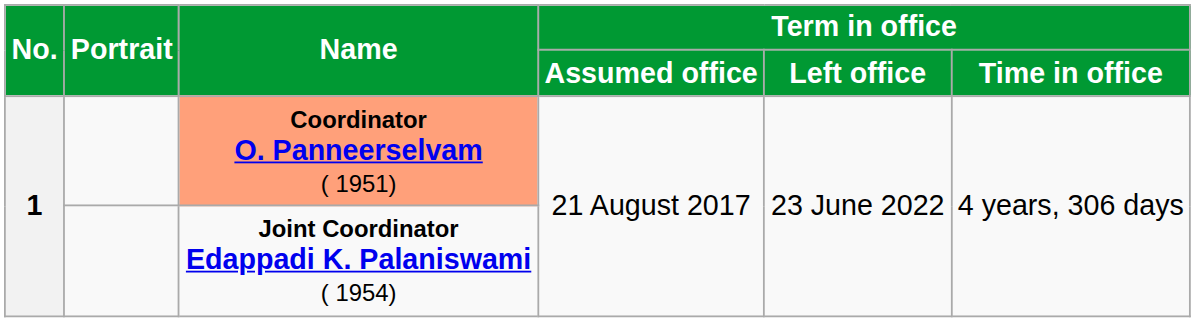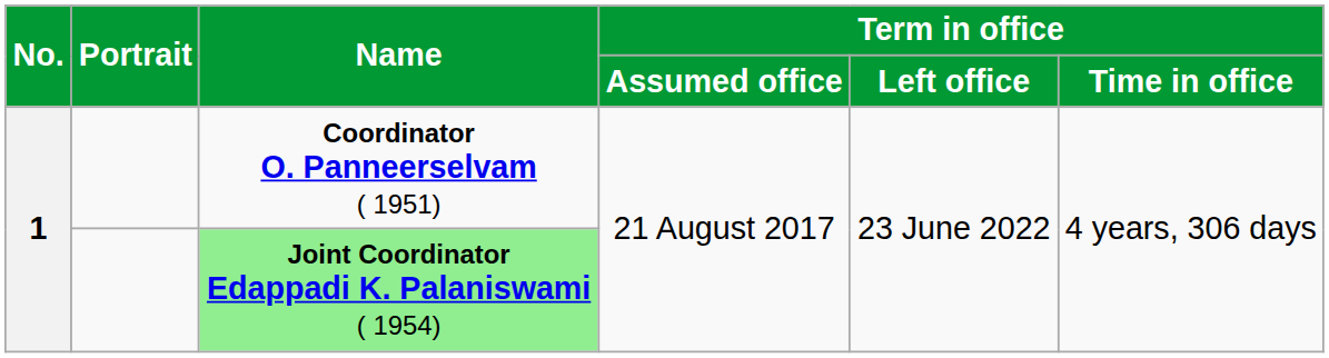 <table class="wikitable sortable" style="text-align:center;">
 <tr>
 <th rowspan=2 style="background-color:#009933;color:white">No.</th>
 <th rowspan=2 style="background-color:#009933;color:white">Portrait</th>
 <th rowspan=2 style="background-color:#009933;color:white">Name<br></th>
 <th colspan=3 style="background-color:#009933;color:white">Term in office</th>
 </tr>
 <tr>
 <th style="background-color:#009933;color:white">Assumed office</th>
 <th style="background-color:#009933;color:white">Left office</th>
 <th style="background-color:#009933;color:white">Time in office</th>
 </tr>
 <tr>
 <th rowspan=2>1</th>
 <td></td>
-<td style="background: lightsalmon;"><strong><small>Coordinator</small><br><a href='#'>O. Panneerselvam</a></strong><br><small>( 1951)</small></td>
+<td><strong><small>Coordinator</small><br><a href='#'>O. Panneerselvam</a></strong><br><small>( 1951)</small></td>
 <td rowspan=2>21 August 2017</td>
 <td rowspan=2>23 June 2022</td>
 <td rowspan=2>4 years, 306 days</td>
 </tr>
 <tr>
 <td></td>
-<td><strong><small>Joint Coordinator</small><br><a href='#'>Edappadi K. Palaniswami</a></strong><br><small>( 1954)</small></td>
+<td style="background: lightgreen;"><strong><small>Joint Coordinator</small><br><a href='#'>Edappadi K. Palaniswami</a></strong><br><small>( 1954)</small></td>
 </tr>
 </table>
